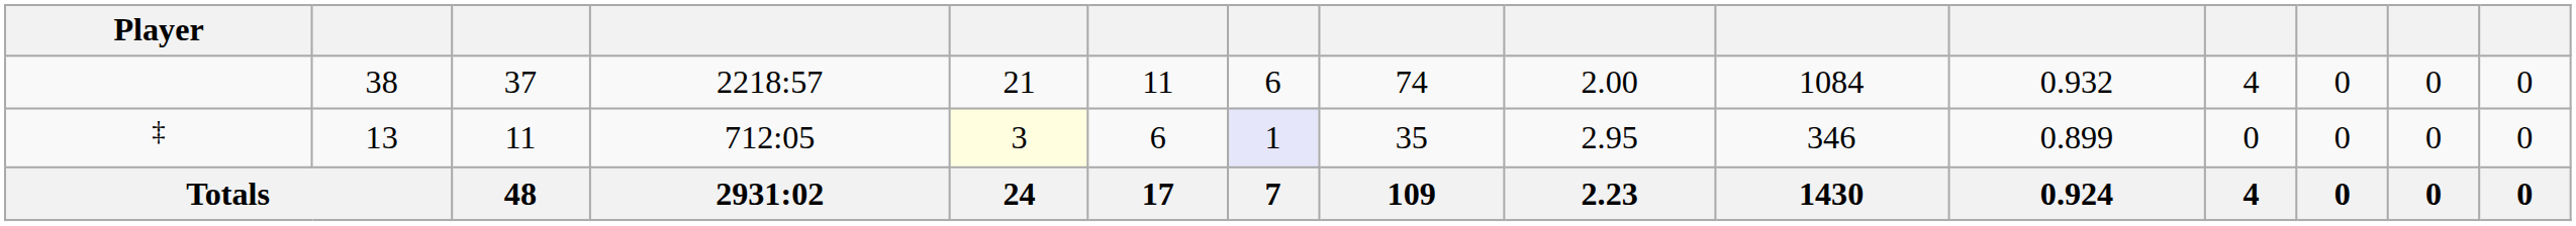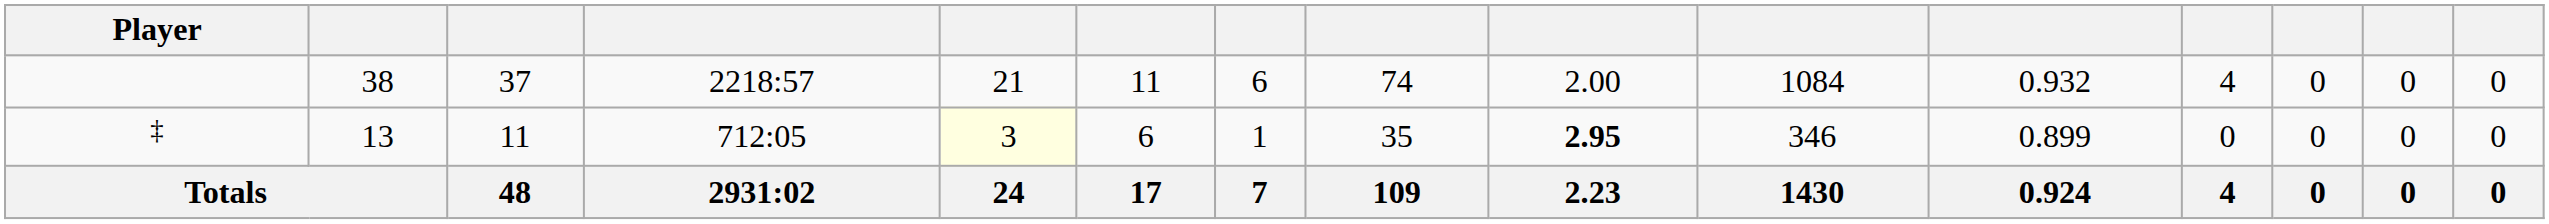 <table class="wikitable sortable" style="width:100%;">
 <tr style="text-align:center; background:#ddd;">
 <th>Player</th>
 <th></th>
 <th></th>
 <th></th>
 <th></th>
 <th></th>
 <th></th>
 <th></th>
 <th></th>
 <th></th>
 <th></th>
 <th></th>
 <th></th>
 <th></th>
 <th></th>
 </tr>
 <tr align=center>
 <td></td>
 <td>38</td>
 <td>37</td>
 <td>2218:57</td>
 <td>21</td>
 <td>11</td>
 <td>6</td>
 <td>74</td>
 <td>2.00</td>
 <td>1084</td>
 <td>0.932</td>
 <td>4</td>
 <td>0</td>
 <td>0</td>
 <td>0</td>
 </tr>
 <tr align=center>
 <td><sup>‡</sup></td>
 <td>13</td>
 <td>11</td>
 <td>712:05</td>
 <td style="background: lightyellow;">3</td>
 <td>6</td>
-<td style="background: lavender;">1</td>
+<td>1</td>
 <td>35</td>
-<td>2.95</td>
+<td><strong>2.95</strong></td>
 <td>346</td>
 <td>0.899</td>
 <td>0</td>
 <td>0</td>
 <td>0</td>
 <td>0</td>
 </tr>
 <tr class="unsortable">
 <th colspan=2>Totals</th>
 <th>48</th>
 <th>2931:02</th>
 <th>24</th>
 <th>17</th>
 <th>7</th>
 <th>109</th>
 <th>2.23</th>
 <th>1430</th>
 <th>0.924</th>
 <th>4</th>
 <th>0</th>
 <th>0</th>
 <th>0</th>
 </tr>
 </table>
